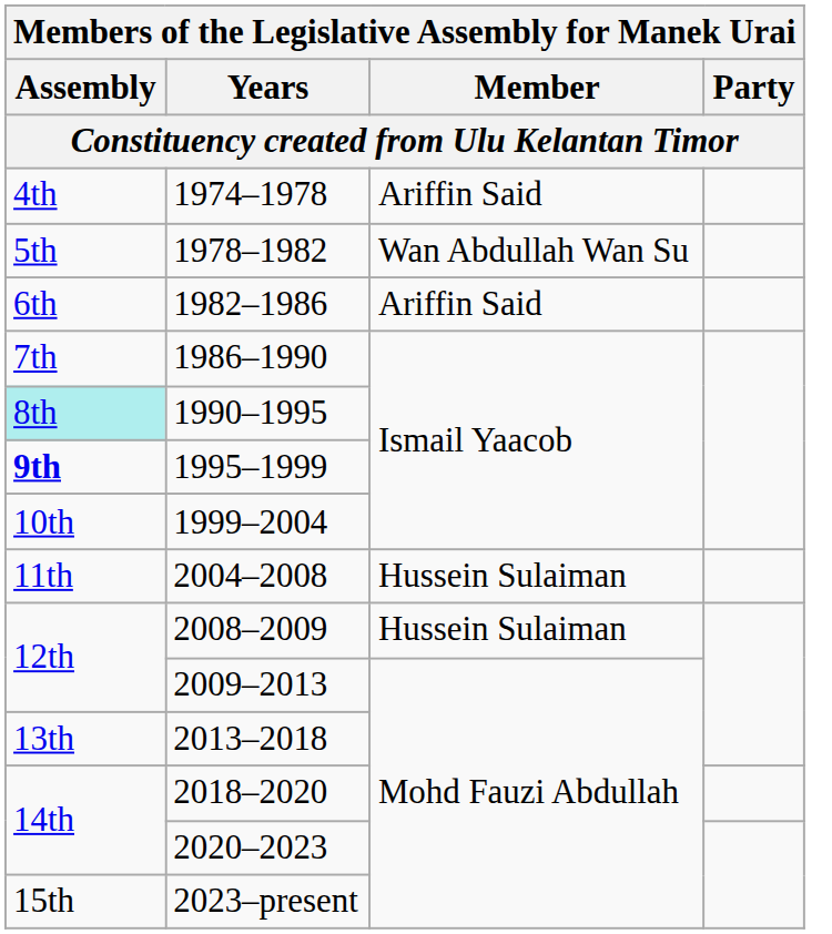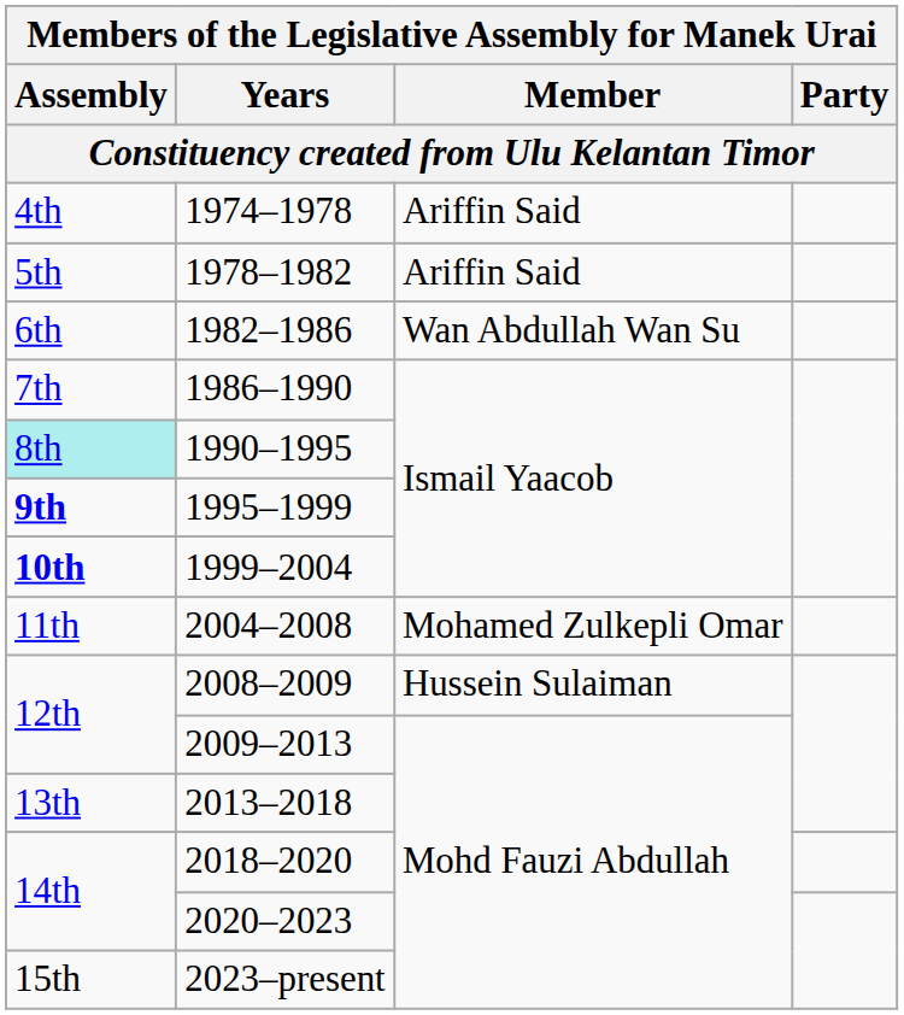 <table class=wikitable>
 <tr>
 <th colspan=4>Members of the Legislative Assembly for Manek Urai</th>
 </tr>
 <tr>
 <th>Assembly</th>
 <th>Years</th>
 <th>Member</th>
 <th>Party</th>
 </tr>
 <tr>
 <th colspan=4 align=center><em>Constituency created from Ulu Kelantan Timor</em></th>
 </tr>
 <tr>
 <td><a href='#'>4th</a></td>
 <td>1974–1978</td>
 <td>Ariffin Said</td>
 <td></td>
 </tr>
 <tr>
 <td><a href='#'>5th</a></td>
 <td>1978–1982</td>
-<td>Wan Abdullah Wan Su</td>
+<td>Ariffin Said</td>
 <td></td>
 </tr>
 <tr>
 <td><a href='#'>6th</a></td>
 <td>1982–1986</td>
-<td>Ariffin Said</td>
+<td>Wan Abdullah Wan Su</td>
 <td></td>
 </tr>
 <tr>
 <td><a href='#'>7th</a></td>
 <td>1986–1990</td>
 <td rowspan=4>Ismail Yaacob</td>
 <td rowspan=4></td>
 </tr>
 <tr>
 <td style="background: paleturquoise;"><a href='#'>8th</a></td>
 <td>1990–1995</td>
 </tr>
 <tr>
 <td><strong><a href='#'>9th</a></strong></td>
 <td>1995–1999</td>
 </tr>
 <tr>
-<td><a href='#'>10th</a></td>
+<td><strong><a href='#'>10th</a></strong></td>
 <td>1999–2004</td>
 </tr>
 <tr>
 <td><a href='#'>11th</a></td>
 <td>2004–2008</td>
-<td>Hussein Sulaiman</td>
+<td>Mohamed Zulkepli Omar</td>
 <td></td>
 </tr>
 <tr>
 <td rowspan=2><a href='#'>12th</a></td>
 <td>2008–2009</td>
 <td>Hussein Sulaiman</td>
 <td rowspan=3></td>
 </tr>
 <tr>
 <td>2009–2013</td>
 <td rowspan="5">Mohd Fauzi Abdullah</td>
 </tr>
 <tr>
 <td><a href='#'>13th</a></td>
 <td>2013–2018</td>
 </tr>
 <tr>
 <td rowspan="2"><a href='#'>14th</a></td>
 <td>2018–2020</td>
 <td></td>
 </tr>
 <tr>
 <td>2020–2023</td>
 <td rowspan=2></td>
 </tr>
 <tr>
 <td>15th</td>
 <td>2023–present</td>
 </tr>
 </table>
